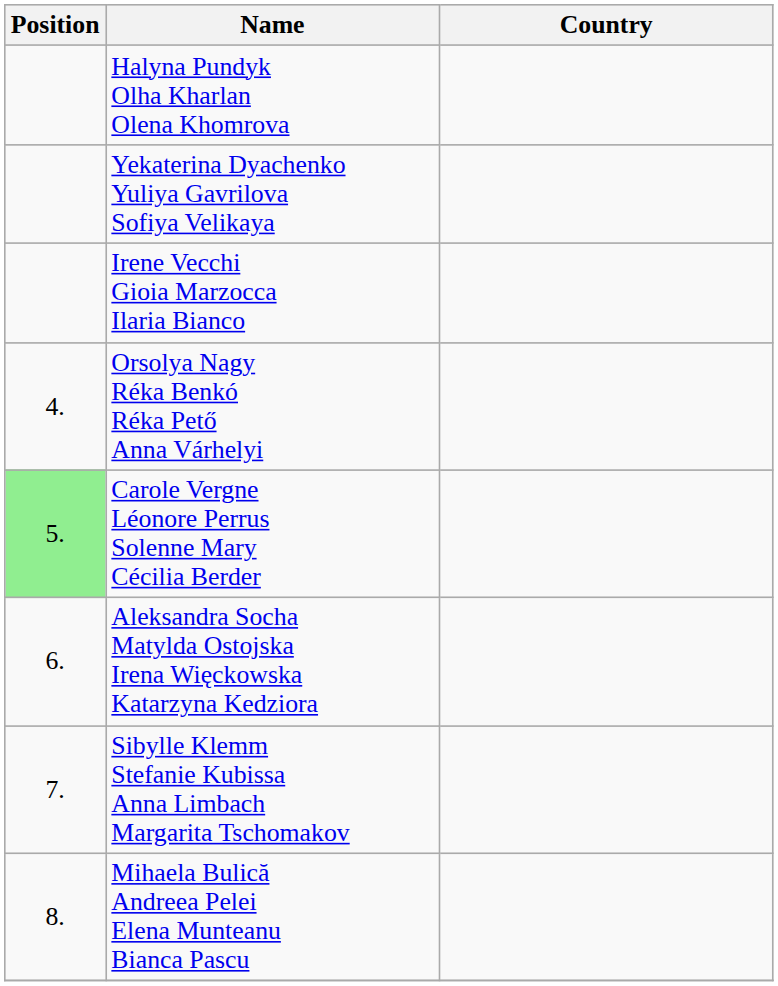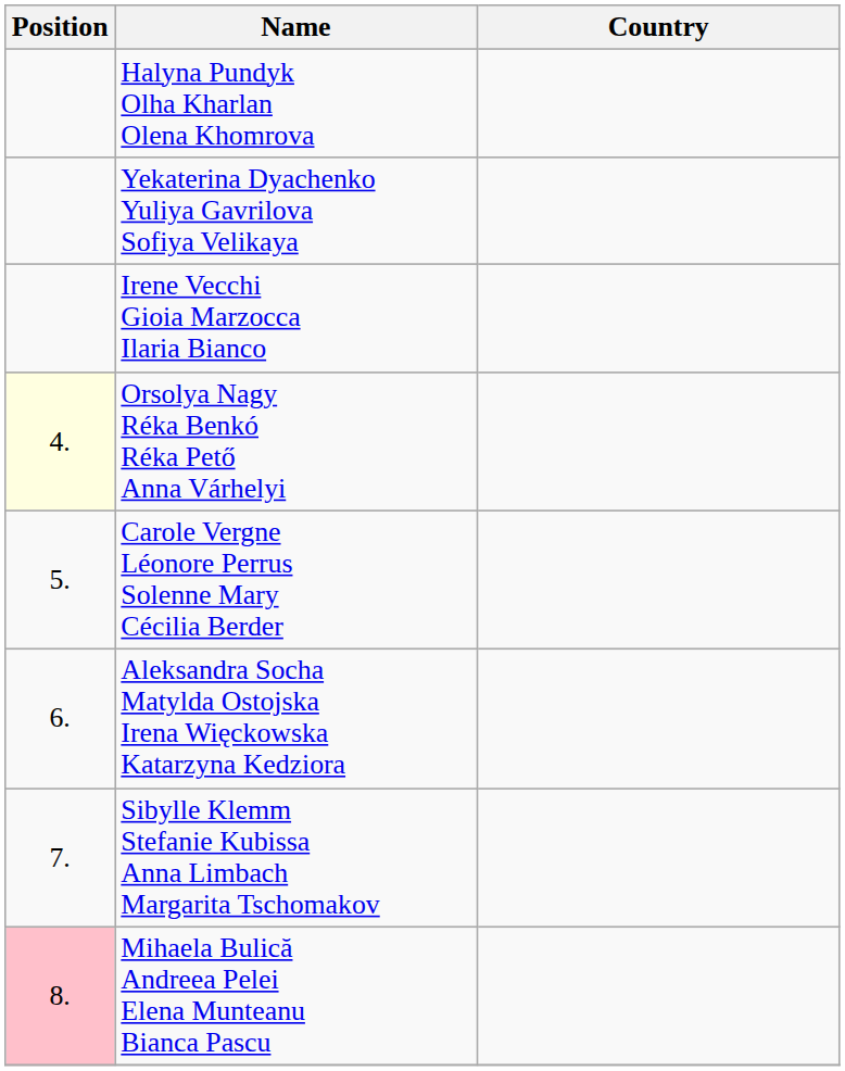 <table class="wikitable">
 <tr>
 <th width="20">Position</th>
 <th width="200">Name</th>
 <th width="200">Country</th>
 </tr>
 <tr>
 <td align="center"></td>
 <td><a href='#'>Halyna Pundyk</a><br><a href='#'>Olha Kharlan</a><br><a href='#'>Olena Khomrova</a></td>
 <td></td>
 </tr>
 <tr>
 <td align="center"></td>
 <td><a href='#'>Yekaterina Dyachenko</a><br><a href='#'>Yuliya Gavrilova</a><br><a href='#'>Sofiya Velikaya</a></td>
 <td></td>
 </tr>
 <tr>
 <td align="center"></td>
 <td><a href='#'>Irene Vecchi</a><br><a href='#'>Gioia Marzocca</a><br><a href='#'>Ilaria Bianco</a></td>
 <td></td>
 </tr>
 <tr>
-<td align="center">4.</td>
+<td align="center" style="background: lightyellow;">4.</td>
 <td><a href='#'>Orsolya Nagy</a><br><a href='#'>Réka Benkó</a><br><a href='#'>Réka Pető</a><br><a href='#'>Anna Várhelyi</a></td>
 <td></td>
 </tr>
 <tr>
-<td align="center" style="background: lightgreen;">5.</td>
+<td align="center">5.</td>
 <td><a href='#'>Carole Vergne</a><br><a href='#'>Léonore Perrus</a><br><a href='#'>Solenne Mary</a><br><a href='#'>Cécilia Berder</a></td>
 <td></td>
 </tr>
 <tr>
 <td align="center">6.</td>
 <td><a href='#'>Aleksandra Socha</a><br><a href='#'>Matylda Ostojska</a><br><a href='#'>Irena Więckowska</a><br><a href='#'>Katarzyna Kedziora</a></td>
 <td></td>
 </tr>
 <tr>
 <td align="center">7.</td>
 <td><a href='#'>Sibylle Klemm</a><br><a href='#'>Stefanie Kubissa</a><br><a href='#'>Anna Limbach</a><br><a href='#'>Margarita Tschomakov</a></td>
 <td></td>
 </tr>
 <tr>
-<td align="center">8.</td>
+<td align="center" style="background: pink;">8.</td>
 <td><a href='#'>Mihaela Bulică</a><br><a href='#'>Andreea Pelei</a><br><a href='#'>Elena Munteanu</a><br><a href='#'>Bianca Pascu</a></td>
 <td></td>
 </tr>
 <tr>
 </tr>
 </table>
